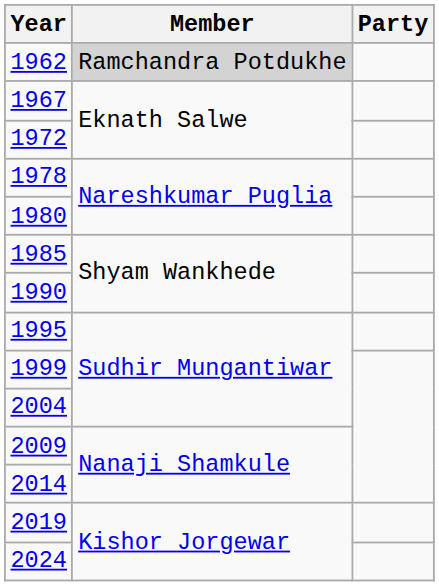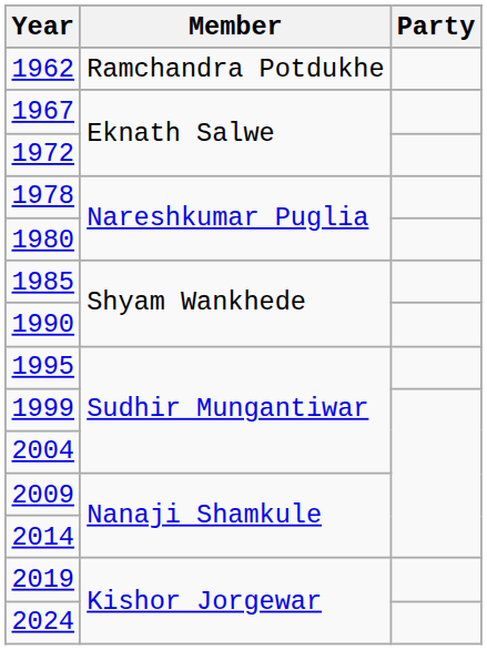 <table class="wikitable">
 <tr>
 <th>Year</th>
 <th>Member</th>
 <th colspan="2">Party</th>
 </tr>
 <tr>
 <td><a href='#'>1962</a></td>
-<td style="background: lightgrey;">Ramchandra Potdukhe</td>
+<td>Ramchandra Potdukhe</td>
 <td></td>
 </tr>
 <tr>
 <td><a href='#'>1967</a></td>
 <td rowspan="2">Eknath Salwe</td>
 <td></td>
 </tr>
 <tr>
 <td><a href='#'>1972</a></td>
 </tr>
 <tr>
 <td><a href='#'>1978</a></td>
 <td rowspan="2"><a href='#'>Nareshkumar Puglia</a></td>
 <td></td>
 </tr>
 <tr>
 <td><a href='#'>1980</a></td>
 </tr>
 <tr>
 <td><a href='#'>1985</a></td>
 <td rowspan="2">Shyam Wankhede</td>
 <td></td>
 </tr>
 <tr>
 <td><a href='#'>1990</a></td>
 </tr>
 <tr>
 <td><a href='#'>1995</a></td>
 <td rowspan="3"><a href='#'>Sudhir Mungantiwar</a></td>
 <td></td>
 </tr>
 <tr>
 <td><a href='#'>1999</a></td>
 </tr>
 <tr>
 <td><a href='#'>2004</a></td>
 </tr>
 <tr>
 <td><a href='#'>2009</a></td>
 <td rowspan="2"><a href='#'>Nanaji Shamkule</a></td>
 </tr>
 <tr>
 <td><a href='#'>2014</a></td>
 </tr>
 <tr>
 <td><a href='#'>2019</a></td>
 <td Rowspan=2><a href='#'>Kishor Jorgewar</a></td>
 <td></td>
 </tr>
 <tr>
 <td><a href='#'>2024</a></td>
 <td></td>
 </tr>
 </table>
